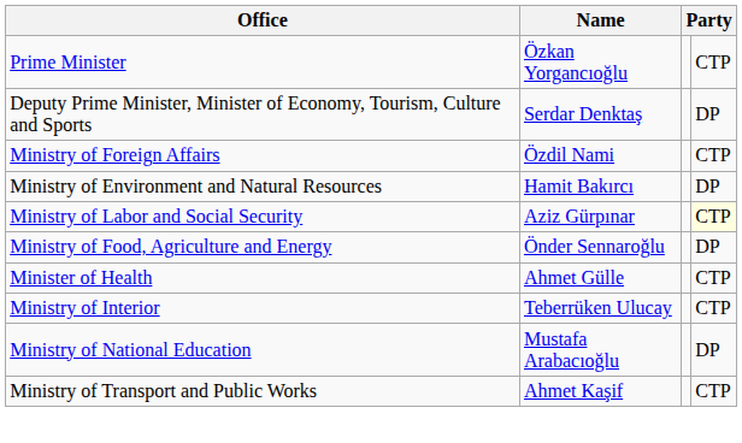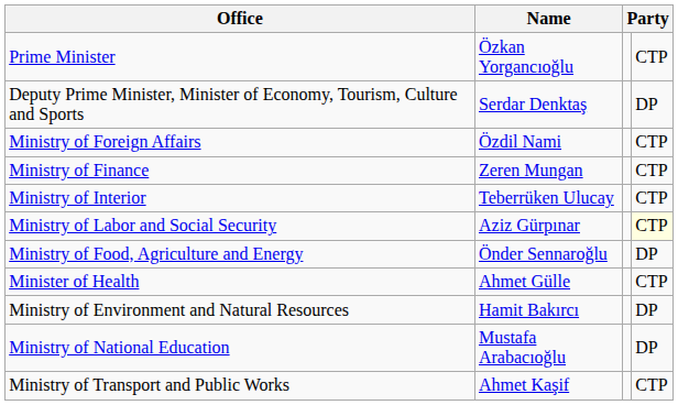 <table class="wikitable">
 <tr>
 <th>Office</th>
 <th>Name</th>
 <th colspan="2">Party</th>
 </tr>
 <tr>
 <td><a href='#'>Prime Minister</a></td>
 <td><a href='#'>Özkan Yorgancıoğlu</a></td>
 <td style="background-color: "></td>
 <td>CTP</td>
 </tr>
 <tr>
 <td>Deputy Prime Minister, Minister of Economy, Tourism, Culture and Sports</td>
 <td><a href='#'>Serdar Denktaş</a></td>
 <td style="background-color:"></td>
 <td>DP</td>
 </tr>
 <tr>
 <td><a href='#'>Ministry of Foreign Affairs</a></td>
 <td><a href='#'>Özdil Nami</a></td>
 <td style="background-color: "></td>
 <td>CTP</td>
 </tr>
 <tr>
-<td>Ministry of Environment and Natural Resources</td>
-<td><a href='#'>Hamit Bakırcı</a></td>
-<td style="background-color:"></td>
-<td>DP</td>
+<td><a href='#'>Ministry of Finance</a></td>
+<td><a href='#'>Zeren Mungan</a></td>
+<td style="background-color: "></td>
+<td>CTP</td>
+</tr>
+<tr>
+<td><a href='#'>Ministry of Interior</a></td>
+<td><a href='#'>Teberrüken Ulucay</a></td>
+<td style="background-color: "></td>
+<td>CTP</td>
 </tr>
 <tr>
 <td><a href='#'>Ministry of Labor and Social Security</a></td>
 <td><a href='#'>Aziz Gürpınar</a></td>
 <td style="background-color: "></td>
 <td style="background: lightyellow;">CTP</td>
 </tr>
 <tr>
 <td><a href='#'>Ministry of Food, Agriculture and Energy</a></td>
 <td><a href='#'>Önder Sennaroğlu</a></td>
 <td style="background-color: "></td>
 <td>DP</td>
 </tr>
 <tr>
 <td><a href='#'>Minister of Health</a></td>
 <td><a href='#'>Ahmet Gülle</a></td>
 <td style="background-color: "></td>
 <td>CTP</td>
 </tr>
 <tr>
-<td><a href='#'>Ministry of Interior</a></td>
-<td><a href='#'>Teberrüken Ulucay</a></td>
-<td style="background-color: "></td>
-<td>CTP</td>
+<td>Ministry of Environment and Natural Resources</td>
+<td><a href='#'>Hamit Bakırcı</a></td>
+<td style="background-color:"></td>
+<td>DP</td>
 </tr>
 <tr>
 <td><a href='#'>Ministry of National Education</a></td>
 <td><a href='#'>Mustafa Arabacıoğlu</a></td>
 <td style="background-color:"></td>
 <td>DP</td>
 </tr>
 <tr>
 <td>Ministry of Transport and Public Works</td>
 <td><a href='#'>Ahmet Kaşif</a></td>
 <td style="background-color:"></td>
 <td>CTP</td>
 </tr>
 <tr>
 </tr>
 </table>
